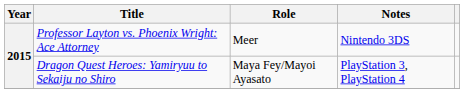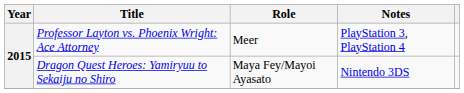 <table class="wikitable plainrowheaders sortable">
 <tr>
 <th scope="col">Year</th>
 <th scope="col">Title</th>
 <th scope="col">Role</th>
 <th scope="col" class="unsortable">Notes</th>
 <th scope="col" class="unsortable"></th>
 </tr>
 <tr>
 <th scope="row" rowspan="2">2015</th>
 <td><em><a href='#'>Professor Layton vs. Phoenix Wright: Ace Attorney</a></em></td>
 <td>Meer</td>
-<td><a href='#'>Nintendo 3DS</a></td>
+<td><a href='#'>PlayStation 3</a>, <a href='#'>PlayStation 4</a></td>
 <td></td>
 </tr>
 <tr>
 <td><em><a href='#'>Dragon Quest Heroes: Yamiryuu to Sekaiju no Shiro</a></em></td>
 <td>Maya Fey/Mayoi Ayasato</td>
-<td><a href='#'>PlayStation 3</a>, <a href='#'>PlayStation 4</a></td>
+<td><a href='#'>Nintendo 3DS</a></td>
 <td style="text-align:center"></td>
 </tr>
 <tr>
 </tr>
 </table>
